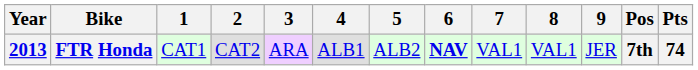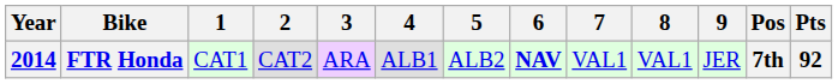 <table class="wikitable" style="text-align:center">
 <tr>
 <th>Year</th>
 <th>Bike</th>
 <th>1</th>
 <th>2</th>
 <th>3</th>
 <th>4</th>
 <th>5</th>
 <th>6</th>
 <th>7</th>
 <th>8</th>
 <th>9</th>
 <th>Pos</th>
 <th>Pts</th>
 </tr>
 <tr>
-<th align="left"><a href='#'>2013</a></th>
+<th align="left"><a href='#'>2014</a></th>
 <th align="left"><a href='#'>FTR</a> <a href='#'>Honda</a></th>
 <td style="background:#dfffdf;"><a href='#'>CAT1</a><br></td>
 <td style="background:#dfdfdf;"><a href='#'>CAT2</a><br></td>
 <td style="background:#efcfff;"><a href='#'>ARA</a><br></td>
 <td style="background:#dfdfdf;"><a href='#'>ALB1</a><br></td>
 <td style="background:#dfffdf;"><a href='#'>ALB2</a><br></td>
 <td style="background:#dfffdf;"><strong><a href='#'>NAV</a><br></strong></td>
 <td style="background:#dfffdf;"><a href='#'>VAL1</a><br></td>
 <td style="background:#dfffdf;"><a href='#'>VAL1</a><br></td>
 <td style="background:#dfffdf"><a href='#'>JER</a><br></td>
 <th style="background:#;">7th</th>
-<th style="background:#;">74</th>
+<th style="background:#;">92</th>
 </tr>
 </table>
